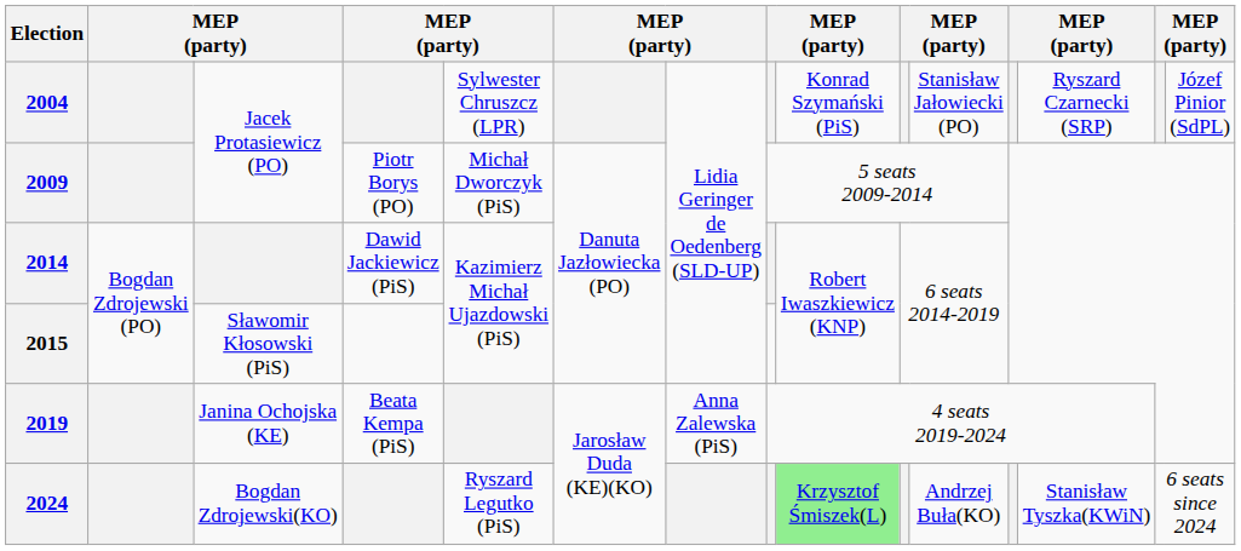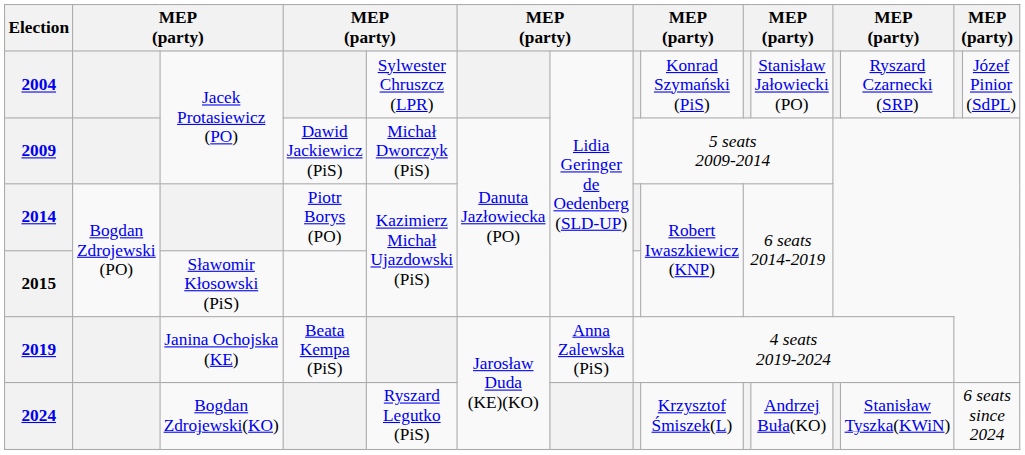 <table class= "wikitable" style= "text-align:center">
 <tr>
 <th>Election</th>
 <th colspan=2>MEP<br>(party)</th>
 <th colspan=2>MEP<br>(party)</th>
 <th colspan=2>MEP<br>(party)</th>
 <th colspan=2>MEP<br>(party)</th>
 <th colspan=2>MEP<br>(party)</th>
 <th colspan=2>MEP<br>(party)</th>
 <th colspan=2>MEP<br>(party)</th>
 </tr>
 <tr>
 <th><a href='#'>2004</a></th>
 <th style="background-color: "></th>
 <td rowspan=2><a href='#'>Jacek Protasiewicz</a><br>(<a href='#'>PO</a>)</td>
 <th style="background-color: "></th>
 <td rowspan=1><a href='#'>Sylwester Chruszcz</a><br>(<a href='#'>LPR</a>)</td>
 <th style="background-color: "></th>
 <td rowspan=4><a href='#'>Lidia Geringer de Oedenberg</a><br>(<a href='#'>SLD-UP</a>)</td>
 <th style="background-color: "></th>
 <td rowspan=1><a href='#'>Konrad Szymański</a><br>(<a href='#'>PiS</a>)</td>
 <th style="background-color: "></th>
 <td rowspan=1><a href='#'>Stanisław Jałowiecki</a><br>(PO)</td>
 <th style="background-color: "></th>
 <td rowspan=1><a href='#'>Ryszard Czarnecki</a><br>(<a href='#'>SRP</a>)</td>
 <th style="background-color: "></th>
 <td rowspan=1><a href='#'>Józef Pinior</a><br>(<a href='#'>SdPL</a>)</td>
 </tr>
 <tr>
 <th><a href='#'>2009</a></th>
 <th style="background-color: "></th>
-<td rowspan=1><a href='#'>Piotr Borys</a><br>(PO)</td>
+<td rowspan=1><a href='#'>Dawid Jackiewicz</a><br>(PiS)</td>
 <td><a href='#'>Michał Dworczyk</a><br>(PiS)</td>
 <td rowspan=3><a href='#'>Danuta Jazłowiecka</a><br>(PO)</td>
 <td colspan=4 rowspan=1><em>5 seats<br>2009-2014</em></td>
 </tr>
 <tr>
 <th><a href='#'>2014</a></th>
 <td rowspan=2><a href='#'>Bogdan Zdrojewski</a><br>(PO)</td>
 <th style="background-color: "></th>
-<td rowspan=1><a href='#'>Dawid Jackiewicz</a><br>(PiS)</td>
+<td rowspan=1><a href='#'>Piotr Borys</a><br>(PO)</td>
 <td rowspan=2><a href='#'>Kazimierz Michał Ujazdowski</a><br>(PiS)</td>
 <th style="background-color: "></th>
 <td rowspan=2><a href='#'>Robert Iwaszkiewicz</a><br>(<a href='#'>KNP</a>)</td>
 <td colspan=2 rowspan=2><em>6 seats<br>2014-2019</em></td>
 </tr>
 <tr>
 <th>2015</th>
 <td rowspan=1><a href='#'>Sławomir Kłosowski</a><br>(PiS)</td>
 </tr>
 <tr>
 <th><a href='#'>2019</a></th>
 <th style="background-color: "></th>
 <td rowspan=1><a href='#'>Janina Ochojska</a><br>(<a href='#'>KE</a>)</td>
 <td rowspan=1><a href='#'>Beata Kempa</a><br>(PiS)</td>
 <th style="background-color: "></th>
 <td rowspan=2><a href='#'>Jarosław Duda</a><br>(KE)(KO)</td>
 <td rowspan=1><a href='#'>Anna Zalewska</a><br>(PiS)</td>
 <td colspan=6 rowspan=1><em>4 seats<br>2019-2024</em></td>
 </tr>
 <tr>
 <th><a href='#'>2024</a></th>
 <th style="background-color: "></th>
 <td><a href='#'>Bogdan Zdrojewski</a>(<a href='#'>KO</a>)</td>
 <th style="background-color: "></th>
 <td rowspan=1><a href='#'>Ryszard Legutko</a><br>(PiS)</td>
 <th style="background-color: "></th>
 <th style="background-color: "></th>
-<td style="background: lightgreen;"><a href='#'>Krzysztof Śmiszek</a>(<a href='#'>L</a>)</td>
+<td><a href='#'>Krzysztof Śmiszek</a>(<a href='#'>L</a>)</td>
 <th style="background-color: "></th>
 <td><a href='#'>Andrzej Buła</a>(KO)</td>
 <th style="background-color: "></th>
 <td><a href='#'>Stanisław Tyszka</a>(<a href='#'>KWiN</a>)</td>
 <td colspan=2><em>6 seats<br>since 2024</em></td>
 </tr>
 </table>
